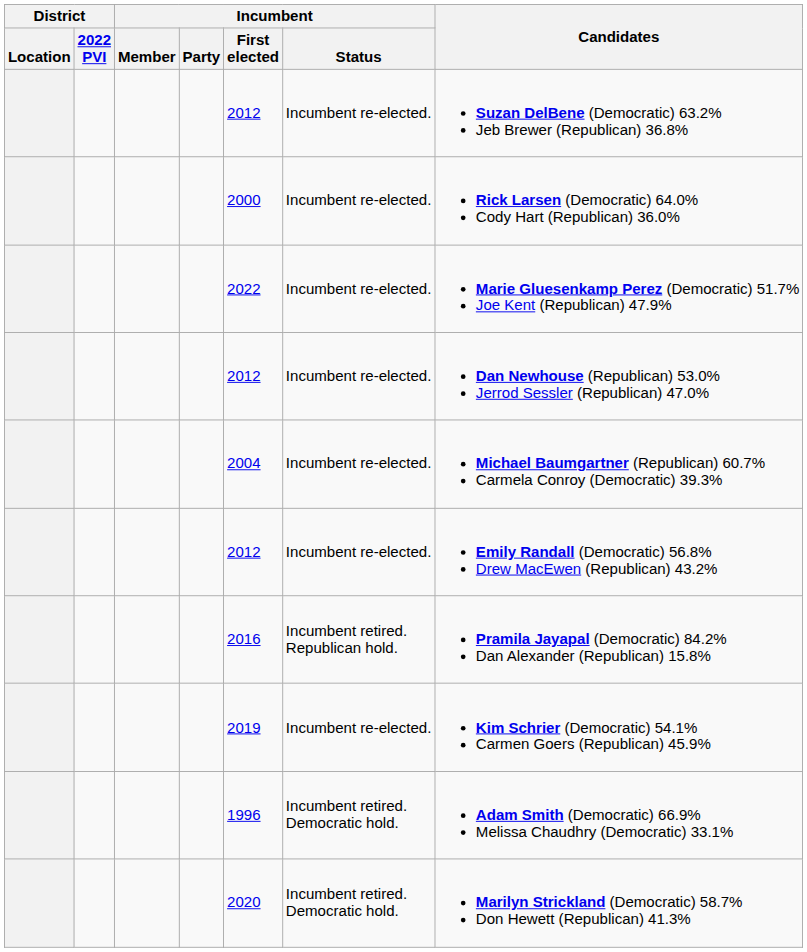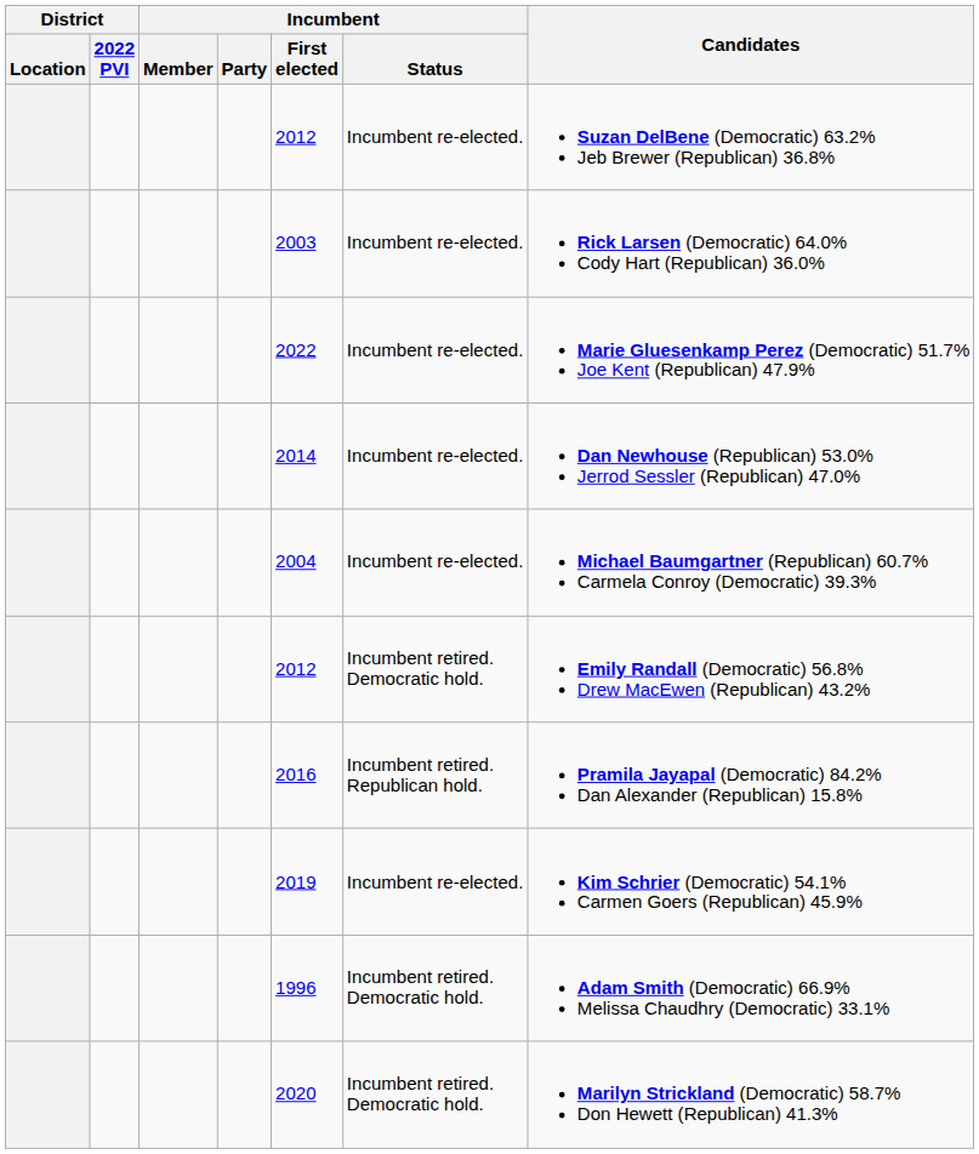 <table class="wikitable sortable">
 <tr>
 <th colspan=2>District</th>
 <th colspan=4>Incumbent</th>
 <th rowspan=2 class="unsortable">Candidates</th>
 </tr>
 <tr valign=bottom>
 <th>Location</th>
 <th><a href='#'>2022<br>PVI</a></th>
 <th>Member</th>
 <th>Party</th>
 <th>First<br>elected</th>
 <th>Status</th>
 </tr>
 <tr>
 <th></th>
 <td></td>
 <td></td>
 <td></td>
 <td><a href='#'>2012 </a></td>
 <td>Incumbent re-elected.</td>
 <td nowrap><br><ul><li> <strong><a href='#'>Suzan DelBene</a></strong> (Democratic) 63.2%</li><li>Jeb Brewer (Republican) 36.8%</li></ul></td>
 </tr>
 <tr>
 <th></th>
 <td></td>
 <td></td>
 <td></td>
-<td><a href='#'>2000</a></td>
+<td><a href='#'>2003</a></td>
 <td>Incumbent re-elected.</td>
 <td nowrap><br><ul><li> <strong><a href='#'>Rick Larsen</a></strong> (Democratic) 64.0%</li><li>Cody Hart (Republican) 36.0%</li></ul></td>
 </tr>
 <tr>
 <th></th>
 <td></td>
 <td></td>
 <td></td>
 <td><a href='#'>2022</a></td>
 <td>Incumbent re-elected.</td>
 <td nowrap><br><ul><li> <strong><a href='#'>Marie Gluesenkamp Perez</a></strong> (Democratic) 51.7%</li><li><a href='#'>Joe Kent</a> (Republican) 47.9%</li></ul></td>
 </tr>
 <tr>
 <th></th>
 <td></td>
 <td></td>
 <td></td>
-<td><a href='#'>2012</a></td>
+<td><a href='#'>2014</a></td>
 <td>Incumbent re-elected.</td>
 <td nowrap><br><ul><li> <strong><a href='#'>Dan Newhouse</a></strong> (Republican) 53.0%</li><li><a href='#'>Jerrod Sessler</a> (Republican) 47.0%</li></ul></td>
 </tr>
 <tr>
 <th></th>
 <td></td>
 <td></td>
 <td></td>
 <td><a href='#'>2004</a></td>
 <td>Incumbent re-elected.</td>
 <td nowrap><br><ul><li> <strong><a href='#'>Michael Baumgartner</a></strong> (Republican) 60.7%</li><li>Carmela Conroy (Democratic) 39.3%</li></ul></td>
 </tr>
 <tr>
 <th></th>
 <td></td>
 <td></td>
 <td></td>
 <td><a href='#'>2012</a></td>
-<td>Incumbent re-elected.</td>
+<td>Incumbent retired.<br>Democratic hold.</td>
 <td nowrap><br><ul><li> <strong><a href='#'>Emily Randall</a></strong> (Democratic) 56.8%</li><li><a href='#'>Drew MacEwen</a> (Republican) 43.2%</li></ul></td>
 </tr>
 <tr>
 <th></th>
 <td></td>
 <td></td>
 <td></td>
 <td><a href='#'>2016</a></td>
 <td>Incumbent retired.<br>Republican hold.</td>
 <td nowrap><br><ul><li> <strong><a href='#'>Pramila Jayapal</a></strong> (Democratic) 84.2%</li><li>Dan Alexander (Republican) 15.8%</li></ul></td>
 </tr>
 <tr>
 <th></th>
 <td></td>
 <td></td>
 <td></td>
 <td><a href='#'>2019</a></td>
 <td>Incumbent re-elected.</td>
 <td nowrap><br><ul><li> <strong><a href='#'>Kim Schrier</a></strong> (Democratic) 54.1%</li><li>Carmen Goers (Republican) 45.9%</li></ul></td>
 </tr>
 <tr>
 <th></th>
 <td></td>
 <td></td>
 <td></td>
 <td><a href='#'>1996</a></td>
 <td>Incumbent retired.<br>Democratic hold.</td>
 <td nowrap><br><ul><li> <strong><a href='#'>Adam Smith</a></strong> (Democratic) 66.9%</li><li>Melissa Chaudhry (Democratic) 33.1%</li></ul></td>
 </tr>
 <tr>
 <th></th>
 <td></td>
 <td></td>
 <td></td>
 <td><a href='#'>2020</a></td>
 <td>Incumbent retired.<br>Democratic hold.</td>
 <td nowrap><br><ul><li> <strong><a href='#'>Marilyn Strickland</a></strong> (Democratic) 58.7%</li><li>Don Hewett (Republican) 41.3%</li></ul></td>
 </tr>
 </table>
